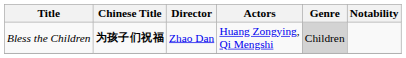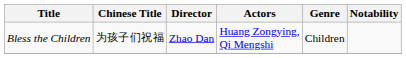 <table class="wikitable">
 <tr>
 <th>Title</th>
 <th>Chinese Title</th>
 <th>Director</th>
 <th>Actors</th>
 <th>Genre</th>
 <th>Notability</th>
 </tr>
 <tr>
 <td><em>Bless the Children</em></td>
-<td><strong>为孩子们祝福</strong></td>
+<td>为孩子们祝福</td>
 <td><a href='#'>Zhao Dan</a></td>
 <td><a href='#'>Huang Zongying</a>,<br><a href='#'>Qi Mengshi</a></td>
-<td style="background: lightgrey;">Children</td>
+<td>Children</td>
 <td></td>
 </tr>
 <tr>
 </tr>
 </table>
